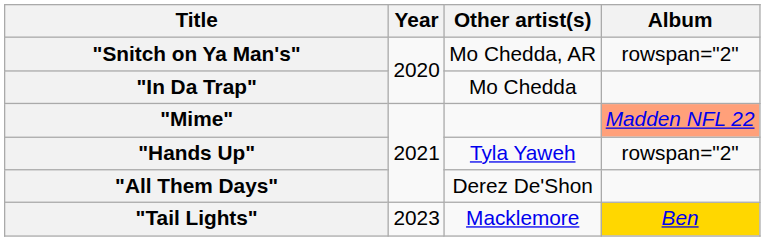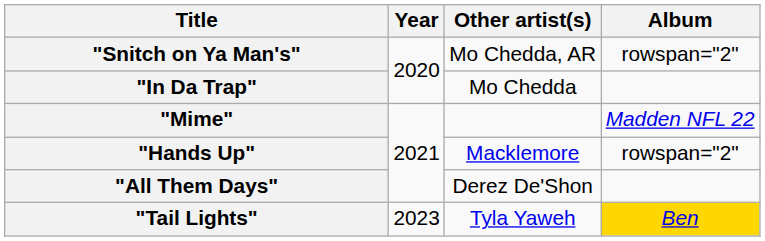 <table class="wikitable plainrowheaders" style="text-align:center;">
 <tr>
 <th scope="col" style="width:18em;">Title</th>
 <th scope="col" style="width:1em;">Year</th>
 <th scope="col">Other artist(s)</th>
 <th scope="col">Album</th>
 </tr>
 <tr>
 <th scope="row">"Snitch on Ya Man's"</th>
 <td rowspan="2">2020</td>
 <td>Mo Chedda, AR</td>
 <td>rowspan="2" </td>
 </tr>
 <tr>
 <th scope="row">"In Da Trap"</th>
 <td>Mo Chedda</td>
 </tr>
 <tr>
 <th scope="row">"Mime"</th>
 <td rowspan="3">2021</td>
 <td></td>
-<td style="background: lightsalmon;"><em><a href='#'>Madden NFL 22</a></em></td>
+<td><em><a href='#'>Madden NFL 22</a></em></td>
 </tr>
 <tr>
 <th scope="row">"Hands Up"</th>
-<td><a href='#'>Tyla Yaweh</a></td>
+<td><a href='#'>Macklemore</a></td>
 <td>rowspan="2" </td>
 </tr>
 <tr>
 <th scope="row">"All Them Days"</th>
 <td>Derez De'Shon</td>
 </tr>
 <tr>
 <th scope="row">"Tail Lights"</th>
 <td>2023</td>
-<td><a href='#'>Macklemore</a></td>
+<td><a href='#'>Tyla Yaweh</a></td>
 <td style="background: gold;"><em><a href='#'>Ben</a></em></td>
 </tr>
 </table>
